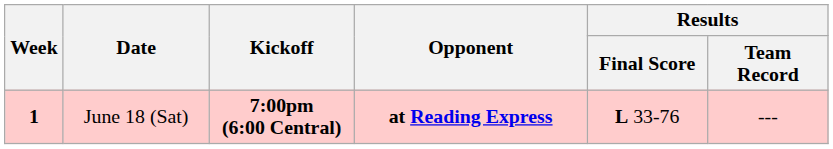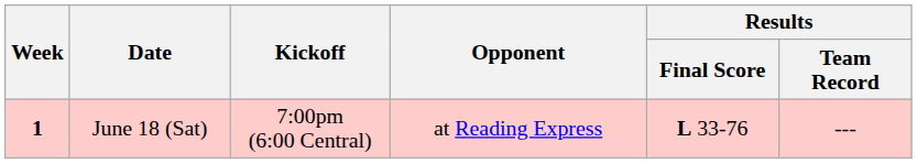 <table class="wikitable">
 <tr>
 <th rowspan="2" width="40">Week</th>
 <th rowspan="2" width="110">Date</th>
 <th rowspan="2" width="110">Kickoff</th>
 <th rowspan="2" width="180">Opponent</th>
 <th colspan="2" width="180">Results</th>
 </tr>
 <tr>
 <th width="90">Final Score</th>
 <th width="90">Team Record</th>
 </tr>
 <tr align="center" bgcolor="#FFCCCC">
 <td align="center"><strong>1</strong></td>
 <td align="center">June 18 (Sat)</td>
-<td align="center"><strong>7:00pm<br>(6:00 Central)</strong></td>
-<td align="center"><strong>at <a href='#'>Reading Express</a></strong></td>
+<td align="center">7:00pm<br>(6:00 Central)</td>
+<td align="center">at <a href='#'>Reading Express</a></td>
 <td align="center"><strong>L</strong> 33-76</td>
 <td align="center">---</td>
 </tr>
 </table>
